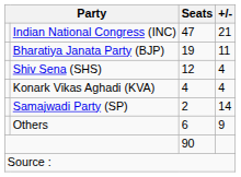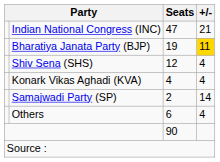 <table class="sortable wikitable">
 <tr>
 <th colspan="2">Party</th>
 <th>Seats</th>
 <th>+/-</th>
 </tr>
 <tr>
 <td style="background-color: "></td>
 <td><a href='#'>Indian National Congress</a> (INC)</td>
 <td>47</td>
 <td> 21</td>
 </tr>
 <tr>
 <td style="background-color: "></td>
 <td><a href='#'>Bharatiya Janata Party</a> (BJP)</td>
 <td>19</td>
-<td> 11</td>
+<td style="background: gold;"> 11</td>
 </tr>
 <tr>
 <td style="background-color: "></td>
 <td><a href='#'>Shiv Sena</a> (SHS)</td>
 <td>12</td>
 <td> 4</td>
 </tr>
 <tr>
 <td style="background-color: "></td>
 <td>Konark Vikas Aghadi (KVA)</td>
 <td>4</td>
 <td> 4</td>
 </tr>
 <tr>
 <td style="background-color: "></td>
 <td><a href='#'>Samajwadi Party</a> (SP)</td>
 <td>2</td>
 <td> 14</td>
 </tr>
 <tr>
 <td style="background-color: "></td>
 <td>Others</td>
 <td>6</td>
-<td> 9</td>
+<td> 4</td>
 </tr>
 <tr>
 <td colspan="2"></td>
 <td>90</td>
 </tr>
 <tr>
 <td colspan="4">Source :</td>
 </tr>
 </table>
